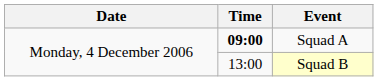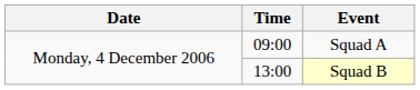 <table class = "wikitable" style="text-align:center;">
 <tr>
 <th width=220>Date</th>
 <th width=50>Time</th>
 <th width=100>Event</th>
 </tr>
 <tr>
 <td rowspan=2>Monday, 4 December 2006</td>
-<td><strong>09:00</strong></td>
+<td>09:00</td>
 <td>Squad A</td>
 </tr>
 <tr>
 <td>13:00</td>
 <td bgcolor=ffffcc>Squad B</td>
 </tr>
 </table>
